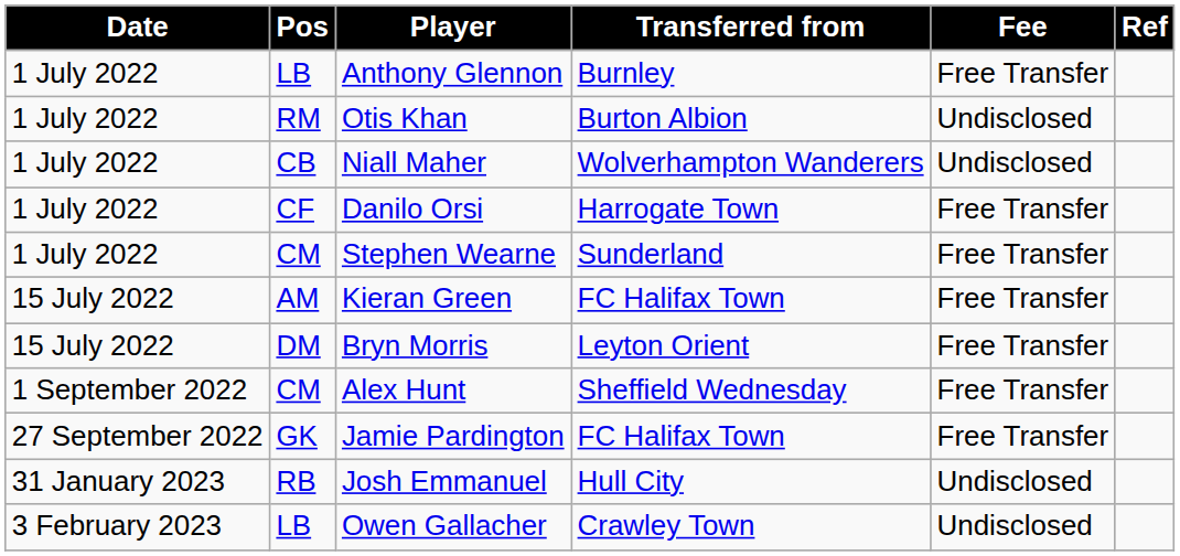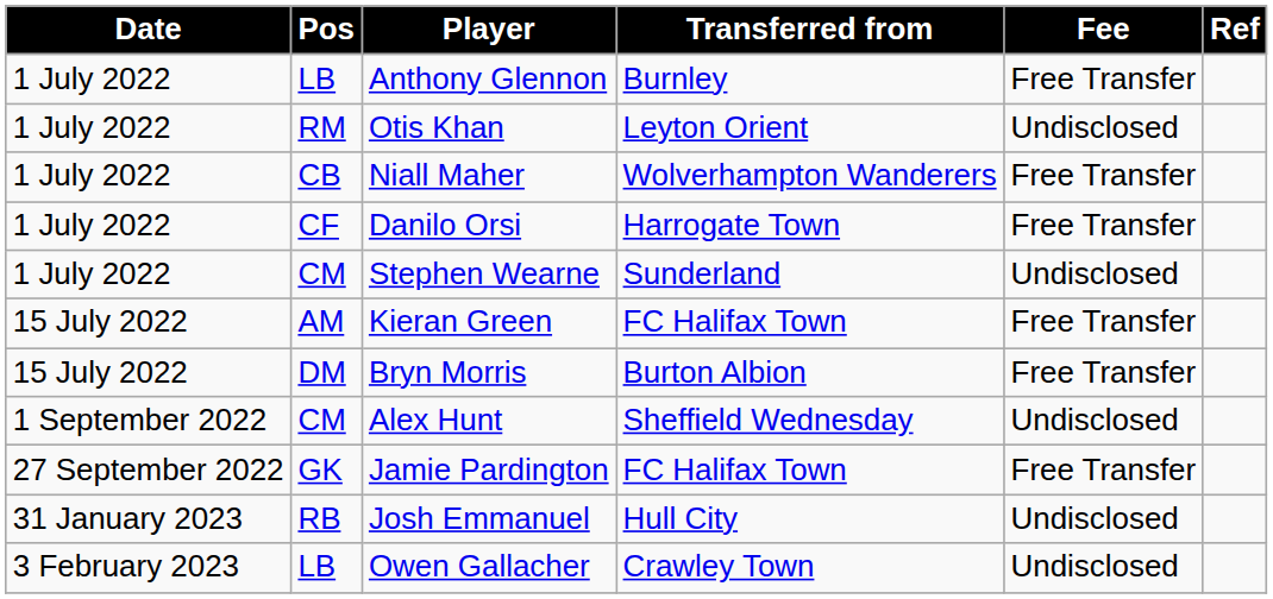 <table class="wikitable plainrowheaders sortable">
 <tr>
 <th style="background:#000000; color:#FFFFFF; ">Date</th>
 <th style="background:#000000; color:#FFFFff; ">Pos</th>
 <th style="background:#000000; color:#FFFFff; ">Player</th>
 <th style="background:#000000; color:#FFFFff; ">Transferred from</th>
 <th style="background:#000000; color:#FFFFff; ">Fee</th>
 <th style="background:#000000; color:#FFFFff; ">Ref</th>
 </tr>
 <tr>
 <td>1 July 2022</td>
 <td><a href='#'>LB</a></td>
 <td> <a href='#'>Anthony Glennon</a></td>
 <td> <a href='#'>Burnley</a></td>
 <td>Free Transfer</td>
 <td></td>
 </tr>
 <tr>
 <td>1 July 2022</td>
 <td><a href='#'>RM</a></td>
 <td> <a href='#'>Otis Khan</a></td>
-<td> <a href='#'>Burton Albion</a></td>
+<td> <a href='#'>Leyton Orient</a></td>
 <td>Undisclosed</td>
 <td></td>
 </tr>
 <tr>
 <td>1 July 2022</td>
 <td><a href='#'>CB</a></td>
 <td> <a href='#'>Niall Maher</a></td>
 <td> <a href='#'>Wolverhampton Wanderers</a></td>
-<td>Undisclosed</td>
+<td>Free Transfer</td>
 <td></td>
 </tr>
 <tr>
 <td>1 July 2022</td>
 <td><a href='#'>CF</a></td>
 <td> <a href='#'>Danilo Orsi</a></td>
 <td> <a href='#'>Harrogate Town</a></td>
 <td>Free Transfer</td>
 <td></td>
 </tr>
 <tr>
 <td>1 July 2022</td>
 <td><a href='#'>CM</a></td>
 <td> <a href='#'>Stephen Wearne</a></td>
 <td> <a href='#'>Sunderland</a></td>
-<td>Free Transfer</td>
+<td>Undisclosed</td>
 <td></td>
 </tr>
 <tr>
 <td>15 July 2022</td>
 <td><a href='#'>AM</a></td>
 <td> <a href='#'>Kieran Green</a></td>
 <td> <a href='#'>FC Halifax Town</a></td>
 <td>Free Transfer</td>
 <td></td>
 </tr>
 <tr>
 <td>15 July 2022</td>
 <td><a href='#'>DM</a></td>
 <td> <a href='#'>Bryn Morris</a></td>
-<td> <a href='#'>Leyton Orient</a></td>
+<td> <a href='#'>Burton Albion</a></td>
 <td>Free Transfer</td>
 <td></td>
 </tr>
 <tr>
 <td>1 September 2022</td>
 <td><a href='#'>CM</a></td>
 <td> <a href='#'>Alex Hunt</a></td>
 <td> <a href='#'>Sheffield Wednesday</a></td>
-<td>Free Transfer</td>
+<td>Undisclosed</td>
 <td></td>
 </tr>
 <tr>
 <td>27 September 2022</td>
 <td><a href='#'>GK</a></td>
 <td> <a href='#'>Jamie Pardington</a></td>
 <td> <a href='#'>FC Halifax Town</a></td>
 <td>Free Transfer</td>
 <td></td>
 </tr>
 <tr>
 <td>31 January 2023</td>
 <td><a href='#'>RB</a></td>
 <td> <a href='#'>Josh Emmanuel</a></td>
 <td> <a href='#'>Hull City</a></td>
 <td>Undisclosed</td>
 <td></td>
 </tr>
 <tr>
 <td>3 February 2023</td>
 <td><a href='#'>LB</a></td>
 <td> <a href='#'>Owen Gallacher</a></td>
 <td> <a href='#'>Crawley Town</a></td>
 <td>Undisclosed</td>
 <td></td>
 </tr>
 </table>
